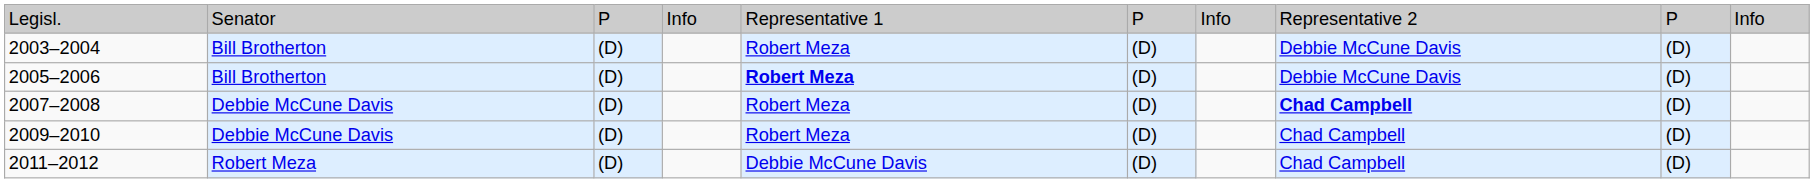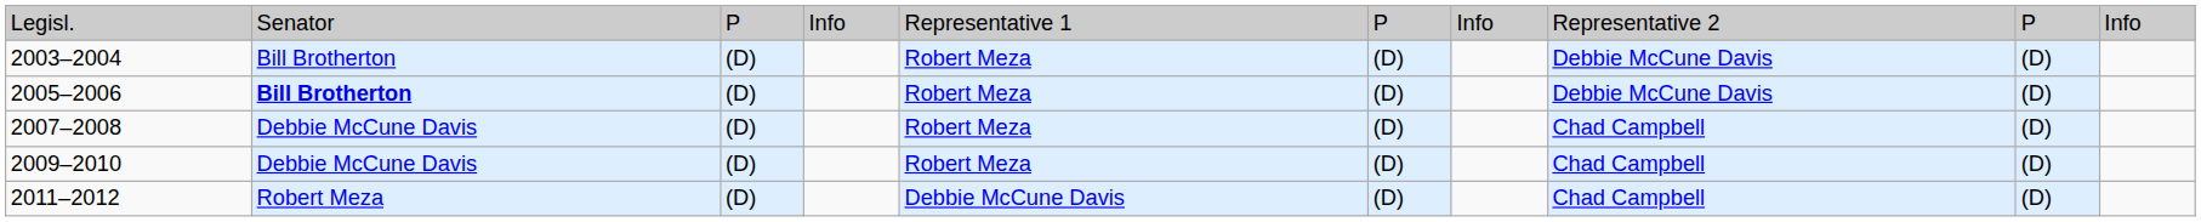 <table class=wikitable width="100%" border="1">
 <tr style="background-color:#cccccc;">
 <td>Legisl.</td>
 <td>Senator</td>
 <td>P</td>
 <td>Info</td>
 <td>Representative 1</td>
 <td>P</td>
 <td>Info</td>
 <td>Representative 2</td>
 <td>P</td>
 <td>Info</td>
 </tr>
 <tr>
 <td>2003–2004</td>
 <td style="background:#DDEEFF"><a href='#'>Bill Brotherton</a></td>
 <td style="background:#DDEEFF">(D)</td>
 <td></td>
 <td style="background:#DDEEFF"><a href='#'>Robert Meza</a></td>
 <td style="background:#DDEEFF">(D)</td>
 <td></td>
 <td style="background:#DDEEFF"><a href='#'>Debbie McCune Davis</a></td>
 <td style="background:#DDEEFF">(D)</td>
 <td></td>
 </tr>
 <tr>
 <td>2005–2006</td>
-<td style="background:#DDEEFF"><a href='#'>Bill Brotherton</a></td>
+<td style="background:#DDEEFF"><strong><a href='#'>Bill Brotherton</a></strong></td>
 <td style="background:#DDEEFF">(D)</td>
 <td></td>
-<td style="background:#DDEEFF"><strong><a href='#'>Robert Meza</a></strong></td>
+<td style="background:#DDEEFF"><a href='#'>Robert Meza</a></td>
 <td style="background:#DDEEFF">(D)</td>
 <td></td>
 <td style="background:#DDEEFF"><a href='#'>Debbie McCune Davis</a></td>
 <td style="background:#DDEEFF">(D)</td>
 <td></td>
 </tr>
 <tr>
 <td>2007–2008</td>
 <td style="background:#DDEEFF"><a href='#'>Debbie McCune Davis</a></td>
 <td style="background:#DDEEFF">(D)</td>
 <td></td>
 <td style="background:#DDEEFF"><a href='#'>Robert Meza</a></td>
 <td style="background:#DDEEFF">(D)</td>
 <td></td>
-<td style="background:#DDEEFF"><strong><a href='#'>Chad Campbell</a></strong></td>
+<td style="background:#DDEEFF"><a href='#'>Chad Campbell</a></td>
 <td style="background:#DDEEFF">(D)</td>
 <td></td>
 </tr>
 <tr>
 <td>2009–2010</td>
 <td style="background:#DDEEFF"><a href='#'>Debbie McCune Davis</a></td>
 <td style="background:#DDEEFF">(D)</td>
 <td></td>
 <td style="background:#DDEEFF"><a href='#'>Robert Meza</a></td>
 <td style="background:#DDEEFF">(D)</td>
 <td></td>
 <td style="background:#DDEEFF"><a href='#'>Chad Campbell</a></td>
 <td style="background:#DDEEFF">(D)</td>
 <td></td>
 </tr>
 <tr>
 <td>2011–2012</td>
 <td style="background:#DDEEFF"><a href='#'>Robert Meza</a></td>
 <td style="background:#DDEEFF">(D)</td>
 <td></td>
 <td style="background:#DDEEFF"><a href='#'>Debbie McCune Davis</a></td>
 <td style="background:#DDEEFF">(D)</td>
 <td></td>
 <td style="background:#DDEEFF"><a href='#'>Chad Campbell</a></td>
 <td style="background:#DDEEFF">(D)</td>
 <td></td>
 </tr>
 </table>
